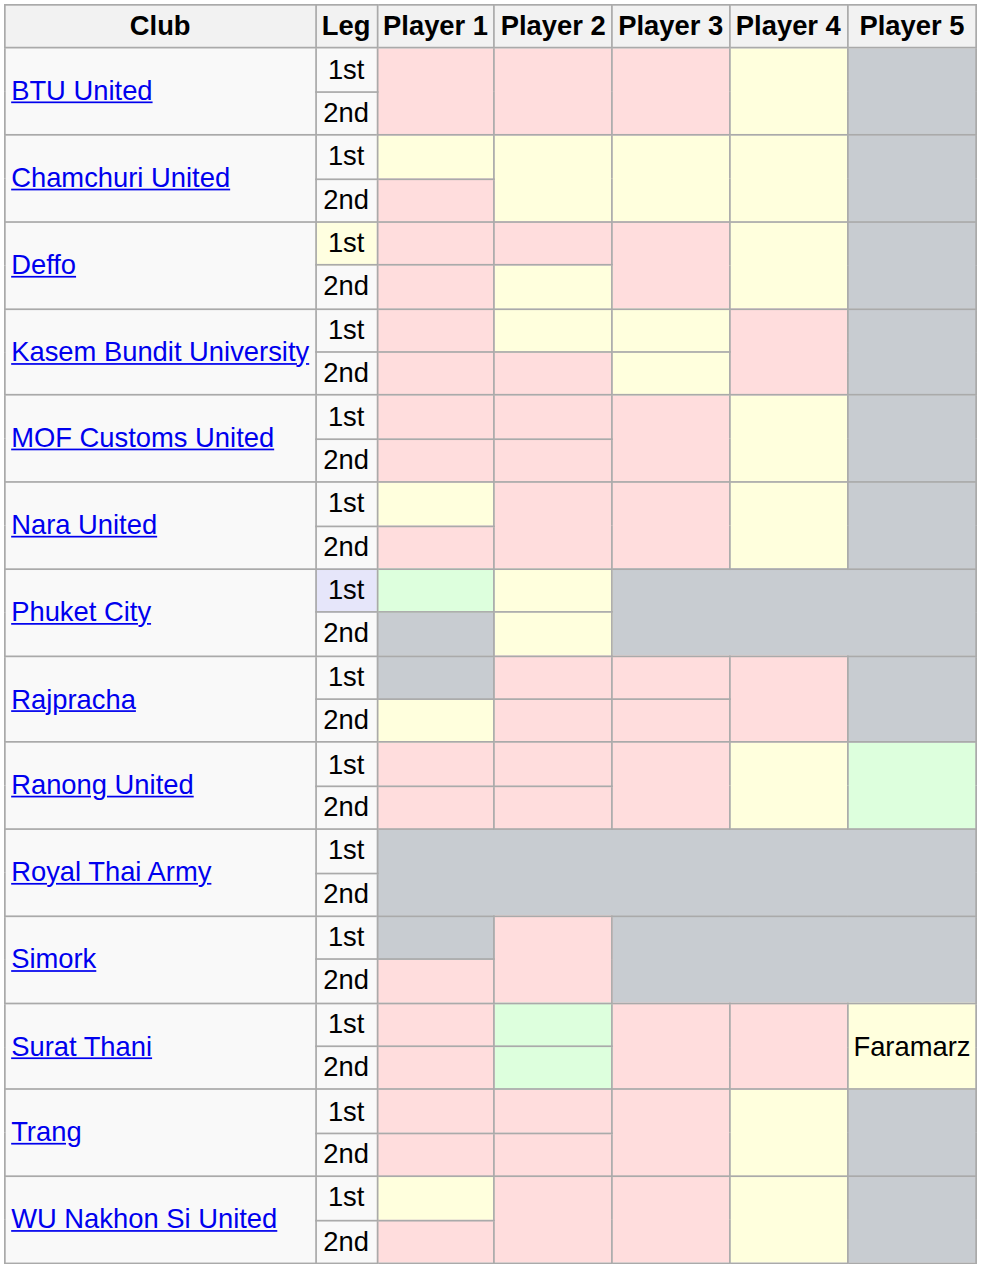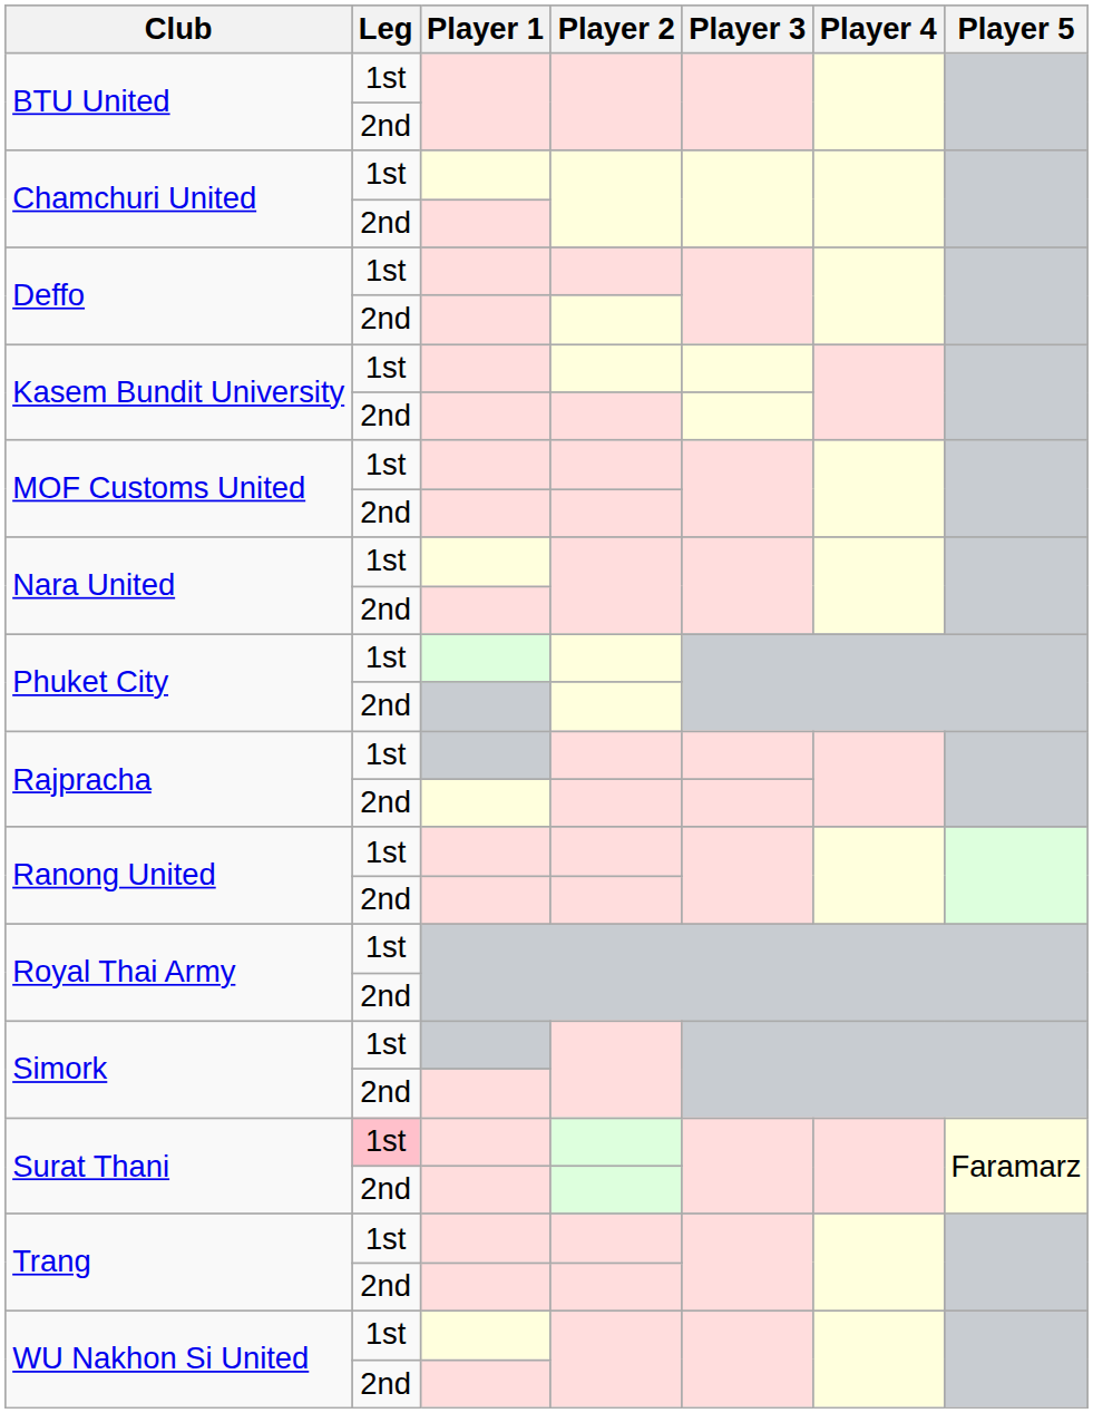 <table class="wikitable" style="text-align:left">
 <tr>
 <th>Club</th>
 <th>Leg</th>
 <th>Player 1</th>
 <th>Player 2</th>
 <th>Player 3</th>
 <th>Player 4</th>
 <th>Player 5</th>
 </tr>
 <tr>
 <td rowspan="2"><a href='#'>BTU United</a></td>
 <td align="center">1st</td>
 <td bgcolor="#ffdddd" rowspan="2"></td>
 <td bgcolor="#ffdddd" rowspan="2"></td>
 <td bgcolor="#ffdddd" rowspan="2"></td>
 <td bgcolor="#ffffdd" rowspan="2"></td>
 <td bgcolor="#c8ccd1" rowspan="2"></td>
 </tr>
 <tr>
 <td align="center">2nd</td>
 </tr>
 <tr>
 <td rowspan="2"><a href='#'>Chamchuri United</a></td>
 <td align="center">1st</td>
 <td bgcolor="#ffffdd"></td>
 <td bgcolor="#ffffdd" rowspan="2"></td>
 <td bgcolor="#ffffdd" rowspan="2"></td>
 <td bgcolor="#ffffdd" rowspan="2"></td>
 <td bgcolor="#c8ccd1" rowspan="2"></td>
 </tr>
 <tr>
 <td align="center">2nd</td>
 <td bgcolor="#ffdddd"></td>
 </tr>
 <tr>
 <td rowspan="2"><a href='#'>Deffo</a></td>
-<td align="center" style="background: lightyellow;">1st</td>
+<td align="center">1st</td>
 <td bgcolor="#ffdddd"></td>
 <td bgcolor="#ffdddd"></td>
 <td bgcolor="#ffdddd" rowspan="2"></td>
 <td bgcolor="#ffffdd" rowspan="2"></td>
 <td bgcolor="#c8ccd1" rowspan="2"></td>
 </tr>
 <tr>
 <td align="center">2nd</td>
 <td bgcolor="#ffdddd"></td>
 <td bgcolor="#ffffdd"></td>
 </tr>
 <tr>
 <td rowspan="2"><a href='#'>Kasem Bundit University</a></td>
 <td align="center">1st</td>
 <td bgcolor="#ffdddd"></td>
 <td bgcolor="#ffffdd"></td>
 <td bgcolor="#ffffdd"></td>
 <td bgcolor="#ffdddd" rowspan="2"></td>
 <td bgcolor="#c8ccd1" rowspan="2"></td>
 </tr>
 <tr>
 <td align="center">2nd</td>
 <td bgcolor="#ffdddd"></td>
 <td bgcolor="#ffdddd"></td>
 <td bgcolor="#ffffdd"></td>
 </tr>
 <tr>
 <td rowspan="2"><a href='#'>MOF Customs United</a></td>
 <td align="center">1st</td>
 <td bgcolor="#ffdddd"></td>
 <td bgcolor="#ffdddd"></td>
 <td bgcolor="#ffdddd" rowspan="2"></td>
 <td bgcolor="#ffffdd" rowspan="2"></td>
 <td bgcolor="#c8ccd1" rowspan="2"></td>
 </tr>
 <tr>
 <td align="center">2nd</td>
 <td bgcolor="#ffdddd"></td>
 <td bgcolor="#ffdddd"></td>
 </tr>
 <tr>
 <td rowspan="2"><a href='#'>Nara United</a></td>
 <td align="center">1st</td>
 <td bgcolor="#ffffdd"></td>
 <td bgcolor="#ffdddd" rowspan="2"></td>
 <td bgcolor="#ffdddd" rowspan="2"></td>
 <td bgcolor="#ffffdd" rowspan="2"></td>
 <td bgcolor="#c8ccd1" rowspan="2"></td>
 </tr>
 <tr>
 <td align="center">2nd</td>
 <td bgcolor="#ffdddd"></td>
 </tr>
 <tr>
 <td rowspan="2"><a href='#'>Phuket City</a></td>
-<td align="center" style="background: lavender;">1st</td>
+<td align="center">1st</td>
 <td bgcolor="#ddffdd"></td>
 <td bgcolor="#ffffdd"></td>
 <td bgcolor="#c8ccd1" rowspan="2" colspan="3"></td>
 </tr>
 <tr>
 <td align="center">2nd</td>
 <td bgcolor="#c8ccd1"></td>
 <td bgcolor="#ffffdd"></td>
 </tr>
 <tr>
 <td rowspan="2"><a href='#'>Rajpracha</a></td>
 <td align="center">1st</td>
 <td bgcolor="#c8ccd1"></td>
 <td bgcolor="#ffdddd"></td>
 <td bgcolor="#ffdddd"></td>
 <td bgcolor="#ffdddd" rowspan="2"></td>
 <td bgcolor="#c8ccd1" rowspan="2"></td>
 </tr>
 <tr>
 <td align="center">2nd</td>
 <td bgcolor="#ffffdd"></td>
 <td bgcolor="#ffdddd"></td>
 <td bgcolor="#ffdddd"></td>
 </tr>
 <tr>
 <td rowspan="2"><a href='#'>Ranong United</a></td>
 <td align="center">1st</td>
 <td bgcolor="#ffdddd"></td>
 <td bgcolor="#ffdddd"></td>
 <td bgcolor="#ffdddd" rowspan="2"></td>
 <td bgcolor="#ffffdd" rowspan="2"></td>
 <td bgcolor="#ddffdd" rowspan="2"></td>
 </tr>
 <tr>
 <td align="center">2nd</td>
 <td bgcolor="#ffdddd"></td>
 <td bgcolor="#ffdddd"></td>
 </tr>
 <tr>
 <td rowspan="2"><a href='#'>Royal Thai Army</a></td>
 <td align="center">1st</td>
 <td bgcolor="#c8ccd1" rowspan="2" colspan="5"></td>
 </tr>
 <tr>
 <td align="center">2nd</td>
 </tr>
 <tr>
 <td rowspan="2"><a href='#'>Simork</a></td>
 <td align="center">1st</td>
 <td bgcolor="#c8ccd1"></td>
 <td bgcolor="#ffdddd" rowspan="2"></td>
 <td bgcolor="#c8ccd1" rowspan="2" colspan="3"></td>
 </tr>
 <tr>
 <td align="center">2nd</td>
 <td bgcolor="#ffdddd"></td>
 </tr>
 <tr>
 <td rowspan="2"><a href='#'>Surat Thani</a></td>
-<td align="center">1st</td>
+<td align="center" style="background: pink;">1st</td>
 <td bgcolor="#ffdddd"></td>
 <td bgcolor="#ddffdd"></td>
 <td bgcolor="#ffdddd" rowspan="2"></td>
 <td bgcolor="#ffdddd" rowspan="2"></td>
 <td bgcolor="#ffffdd" rowspan="2"> Faramarz<br></td>
 </tr>
 <tr>
 <td align="center">2nd</td>
 <td bgcolor="#ffdddd"></td>
 <td bgcolor="#ddffdd"></td>
 </tr>
 <tr>
 <td rowspan="2"><a href='#'>Trang</a></td>
 <td align="center">1st</td>
 <td bgcolor="#ffdddd"></td>
 <td bgcolor="#ffdddd"></td>
 <td bgcolor="#ffdddd" rowspan="2"></td>
 <td bgcolor="#ffffdd" rowspan="2"></td>
 <td bgcolor="#c8ccd1" rowspan="2"></td>
 </tr>
 <tr>
 <td align="center">2nd</td>
 <td bgcolor="#ffdddd"></td>
 <td bgcolor="#ffdddd"></td>
 </tr>
 <tr>
 <td rowspan="2"><a href='#'>WU Nakhon Si United</a></td>
 <td align="center">1st</td>
 <td bgcolor="#ffffdd"></td>
 <td bgcolor="#ffdddd" rowspan="2"></td>
 <td bgcolor="#ffdddd" rowspan="2"></td>
 <td bgcolor="#ffffdd" rowspan="2"></td>
 <td bgcolor="#c8ccd1" rowspan="2"></td>
 </tr>
 <tr>
 <td align="center">2nd</td>
 <td bgcolor="#ffdddd"></td>
 </tr>
 </table>
